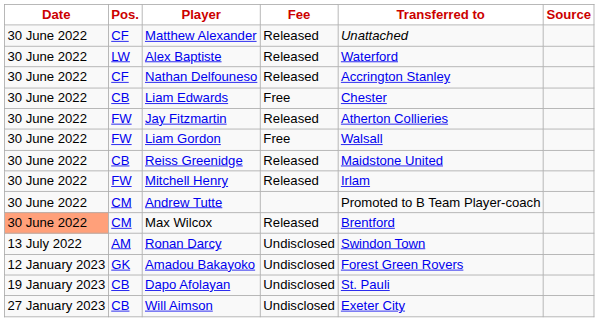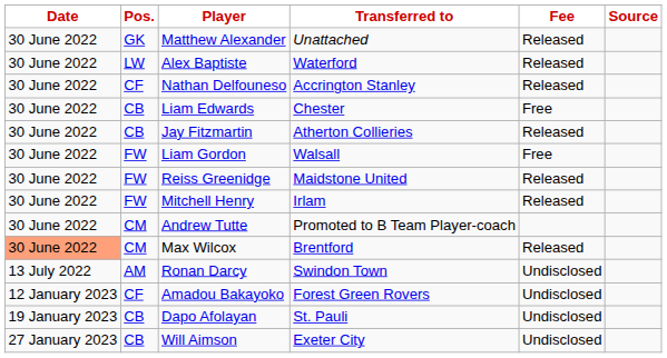 <table class="wikitable plainrowheaders sortable">
 <tr>
 <th style="background:#ffffff;color:#cc0000;">Date</th>
 <th style="background:#ffffff;color:#cc0000;">Pos.</th>
 <th style="background:#ffffff;color:#cc0000;">Player</th>
+<th style="background:#ffffff;color:#cc0000;">Transferred to</th>
 <th style="background:#ffffff;color:#cc0000;">Fee</th>
-<th style="background:#ffffff;color:#cc0000;">Transferred to</th>
 <th style="background:#ffffff;color:#cc0000;">Source</th>
 </tr>
 <tr>
 <td>30 June 2022</td>
-<td><a href='#'>CF</a></td>
+<td><a href='#'>GK</a></td>
 <td> <a href='#'>Matthew Alexander</a></td>
+<td> <em>Unattached</em></td>
 <td>Released</td>
-<td> <em>Unattached</em></td>
 <td></td>
 </tr>
 <tr>
 <td>30 June 2022</td>
 <td><a href='#'>LW</a></td>
 <td> <a href='#'>Alex Baptiste</a></td>
+<td> <a href='#'>Waterford</a></td>
 <td>Released</td>
-<td> <a href='#'>Waterford</a></td>
 <td></td>
 </tr>
 <tr>
 <td>30 June 2022</td>
 <td><a href='#'>CF</a></td>
 <td> <a href='#'>Nathan Delfouneso</a></td>
+<td> <a href='#'>Accrington Stanley</a></td>
 <td>Released</td>
-<td> <a href='#'>Accrington Stanley</a></td>
 <td></td>
 </tr>
 <tr>
 <td>30 June 2022</td>
 <td><a href='#'>CB</a></td>
 <td> <a href='#'>Liam Edwards</a></td>
+<td> <a href='#'>Chester</a></td>
 <td>Free</td>
-<td> <a href='#'>Chester</a></td>
 <td></td>
 </tr>
 <tr>
 <td>30 June 2022</td>
-<td><a href='#'>FW</a></td>
+<td><a href='#'>CB</a></td>
 <td> <a href='#'>Jay Fitzmartin</a></td>
+<td> <a href='#'>Atherton Collieries</a></td>
 <td>Released</td>
-<td> <a href='#'>Atherton Collieries</a></td>
 <td></td>
 </tr>
 <tr>
 <td>30 June 2022</td>
 <td><a href='#'>FW</a></td>
 <td> <a href='#'>Liam Gordon</a></td>
+<td> <a href='#'>Walsall</a></td>
 <td>Free</td>
-<td> <a href='#'>Walsall</a></td>
 <td></td>
 </tr>
 <tr>
 <td>30 June 2022</td>
-<td><a href='#'>CB</a></td>
+<td><a href='#'>FW</a></td>
 <td> <a href='#'>Reiss Greenidge</a></td>
+<td> <a href='#'>Maidstone United</a></td>
 <td>Released</td>
-<td> <a href='#'>Maidstone United</a></td>
 <td></td>
 </tr>
 <tr>
 <td>30 June 2022</td>
 <td><a href='#'>FW</a></td>
 <td> <a href='#'>Mitchell Henry</a></td>
+<td> <a href='#'>Irlam</a></td>
 <td>Released</td>
-<td> <a href='#'>Irlam</a></td>
 <td></td>
 </tr>
 <tr>
 <td>30 June 2022</td>
 <td><a href='#'>CM</a></td>
 <td> <a href='#'>Andrew Tutte</a></td>
+<td>Promoted to B Team Player-coach</td>
 <td></td>
-<td>Promoted to B Team Player-coach</td>
 <td></td>
 </tr>
 <tr>
 <td style="background: lightsalmon;">30 June 2022</td>
 <td><a href='#'>CM</a></td>
 <td> Max Wilcox</td>
+<td> <a href='#'>Brentford</a></td>
 <td>Released</td>
-<td> <a href='#'>Brentford</a></td>
 <td></td>
 </tr>
 <tr>
 <td>13 July 2022</td>
 <td><a href='#'>AM</a></td>
 <td> <a href='#'>Ronan Darcy</a></td>
+<td> <a href='#'>Swindon Town</a></td>
 <td>Undisclosed</td>
-<td> <a href='#'>Swindon Town</a></td>
 <td></td>
 </tr>
 <tr>
 <td>12 January 2023</td>
-<td><a href='#'>GK</a></td>
+<td><a href='#'>CF</a></td>
 <td> <a href='#'>Amadou Bakayoko</a></td>
+<td> <a href='#'>Forest Green Rovers</a></td>
 <td>Undisclosed</td>
-<td> <a href='#'>Forest Green Rovers</a></td>
 <td></td>
 </tr>
 <tr>
 <td>19 January 2023</td>
 <td><a href='#'>CB</a></td>
 <td> <a href='#'>Dapo Afolayan</a></td>
+<td> <a href='#'>St. Pauli</a></td>
 <td>Undisclosed</td>
-<td> <a href='#'>St. Pauli</a></td>
 <td></td>
 </tr>
 <tr>
 <td>27 January 2023</td>
 <td><a href='#'>CB</a></td>
 <td> <a href='#'>Will Aimson</a></td>
+<td> <a href='#'>Exeter City</a></td>
 <td>Undisclosed</td>
-<td> <a href='#'>Exeter City</a></td>
 <td></td>
 </tr>
 </table>
